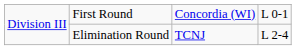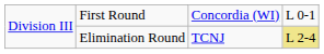 <table class="wikitable">
 <tr>
 <td rowspan="2"><a href='#'>Division III</a></td>
 <td>First Round</td>
 <td><a href='#'>Concordia (WI)</a></td>
 <td>L 0-1</td>
 </tr>
 <tr>
 <td>Elimination Round</td>
 <td><a href='#'>TCNJ</a></td>
-<td>L 2-4</td>
+<td style="background: khaki;">L 2-4</td>
 </tr>
 </table>
